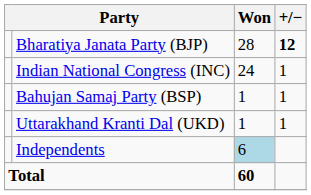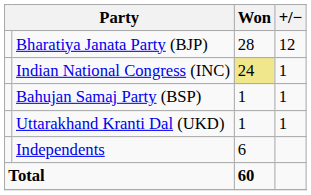 <table class="sortable wikitable">
 <tr>
 <th colspan="2">Party</th>
 <th>Won</th>
 <th><strong>+/−</strong></th>
 </tr>
 <tr>
 <td></td>
 <td><a href='#'>Bharatiya Janata Party</a> (BJP)</td>
 <td>28</td>
-<td><strong> 12</strong></td>
+<td> 12</td>
 </tr>
 <tr>
 <td></td>
 <td><a href='#'>Indian National Congress</a>  (INC)</td>
-<td>24</td>
+<td style="background: khaki;">24</td>
 <td> 1</td>
 </tr>
 <tr>
 <td></td>
 <td><a href='#'>Bahujan Samaj Party</a> (BSP)</td>
 <td>1</td>
 <td> 1</td>
 </tr>
 <tr>
 <td></td>
 <td><a href='#'>Uttarakhand Kranti Dal</a> (UKD)</td>
 <td>1</td>
 <td> 1</td>
 </tr>
 <tr>
 <td></td>
 <td><a href='#'>Independents</a></td>
-<td style="background: lightblue;">6</td>
+<td>6</td>
 <td></td>
 </tr>
 <tr>
 <td colspan="2"><strong>Total</strong></td>
 <td><strong>60</strong></td>
 <td></td>
 </tr>
 <tr>
 </tr>
 </table>
